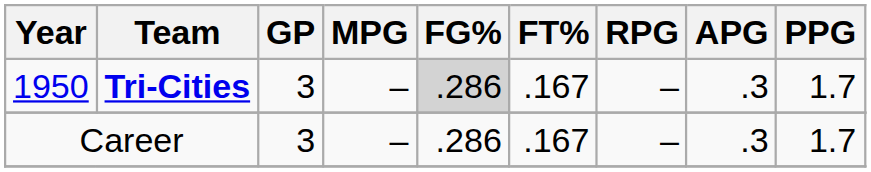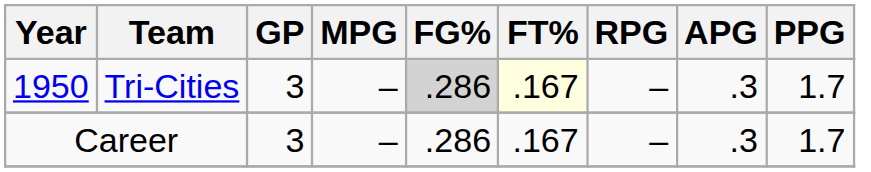 <table class="wikitable sortable" style="font-size:95%; text-align:right;">
 <tr>
 <th>Year</th>
 <th>Team</th>
 <th>GP</th>
 <th>MPG</th>
 <th>FG%</th>
 <th>FT%</th>
 <th>RPG</th>
 <th>APG</th>
 <th>PPG</th>
 </tr>
 <tr>
 <td style="text-align:left;"><a href='#'>1950</a></td>
-<td style="text-align:left;"><strong><a href='#'>Tri-Cities</a></strong></td>
+<td style="text-align:left;"><a href='#'>Tri-Cities</a></td>
 <td>3</td>
 <td>–</td>
 <td style="background: lightgrey;">.286</td>
-<td>.167</td>
+<td style="background: lightyellow;">.167</td>
 <td>–</td>
 <td>.3</td>
 <td>1.7</td>
 </tr>
 <tr>
 </tr>
 <tr class="sortbottom">
 <td style="text-align:center;" colspan="2">Career</td>
 <td>3</td>
 <td>–</td>
 <td>.286</td>
 <td>.167</td>
 <td>–</td>
 <td>.3</td>
 <td>1.7</td>
 </tr>
 <tr>
 </tr>
 </table>
